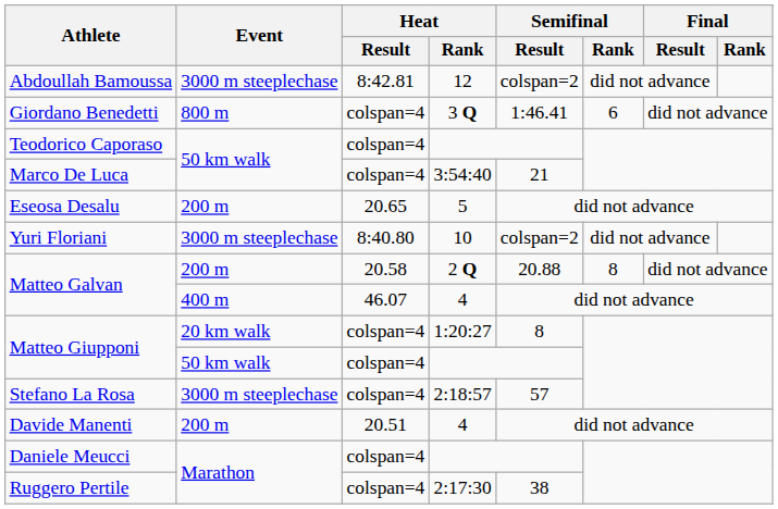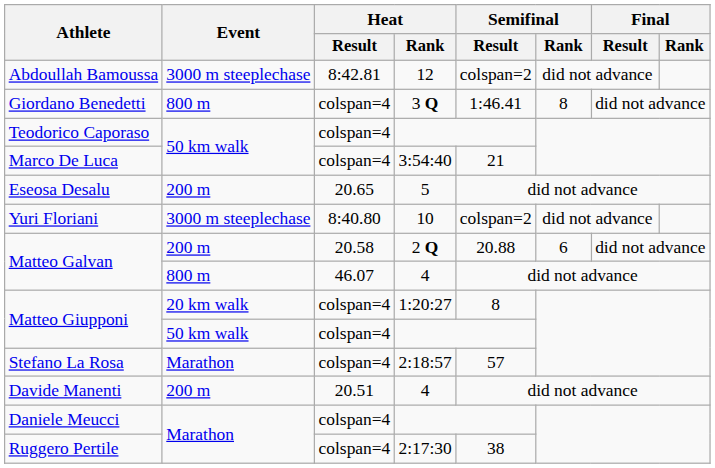 <table class="wikitable" style="font-size:90%">
 <tr>
 <th rowspan="2">Athlete</th>
 <th rowspan="2">Event</th>
 <th colspan="2">Heat</th>
 <th colspan="2">Semifinal</th>
 <th colspan="2">Final</th>
 </tr>
 <tr style="font-size:95%">
 <th>Result</th>
 <th>Rank</th>
 <th>Result</th>
 <th>Rank</th>
 <th>Result</th>
 <th>Rank</th>
 </tr>
 <tr align=center>
 <td align=left><a href='#'>Abdoullah Bamoussa</a></td>
 <td align=left><a href='#'>3000 m steeplechase</a></td>
 <td>8:42.81</td>
 <td>12</td>
 <td>colspan=2 </td>
 <td colspan=2>did not advance</td>
 </tr>
 <tr align=center>
 <td align=left><a href='#'>Giordano Benedetti</a></td>
 <td align=left><a href='#'>800 m</a></td>
 <td>colspan=4 </td>
 <td>3 <strong>Q</strong></td>
 <td>1:46.41</td>
-<td>6</td>
+<td>8</td>
 <td colspan=2>did not advance</td>
 </tr>
 <tr align=center>
 <td align=left><a href='#'>Teodorico Caporaso</a></td>
 <td align=left rowspan=2><a href='#'>50 km walk</a></td>
 <td>colspan=4 </td>
 <td colspan=2></td>
 </tr>
 <tr align=center>
 <td align=left><a href='#'>Marco De Luca</a></td>
 <td>colspan=4 </td>
 <td>3:54:40</td>
 <td>21</td>
 </tr>
 <tr align=center>
 <td align=left><a href='#'>Eseosa Desalu</a></td>
 <td align=left><a href='#'>200 m</a></td>
 <td>20.65</td>
 <td>5</td>
 <td colspan=4>did not advance</td>
 </tr>
 <tr align=center>
 <td align=left><a href='#'>Yuri Floriani</a></td>
 <td align=left><a href='#'>3000 m steeplechase</a></td>
 <td>8:40.80</td>
 <td>10</td>
 <td>colspan=2 </td>
 <td colspan=2>did not advance</td>
 </tr>
 <tr align=center>
 <td align=left rowspan=2><a href='#'>Matteo Galvan</a></td>
 <td align=left><a href='#'>200 m</a></td>
 <td>20.58</td>
 <td>2 <strong>Q</strong></td>
 <td>20.88</td>
-<td>8</td>
+<td>6</td>
 <td colspan=2>did not advance</td>
 </tr>
 <tr align=center>
-<td align=left><a href='#'>400 m</a></td>
+<td align=left><a href='#'>800 m</a></td>
 <td>46.07</td>
 <td>4</td>
 <td colspan=4>did not advance</td>
 </tr>
 <tr align=center>
 <td align=left rowspan=2><a href='#'>Matteo Giupponi</a></td>
 <td align=left><a href='#'>20 km walk</a></td>
 <td>colspan=4 </td>
 <td>1:20:27</td>
 <td>8</td>
 </tr>
 <tr align=center>
 <td align=left><a href='#'>50 km walk</a></td>
 <td>colspan=4 </td>
 <td colspan=2></td>
 </tr>
 <tr align=center>
 <td align=left><a href='#'>Stefano La Rosa</a></td>
-<td align=left><a href='#'>3000 m steeplechase</a></td>
+<td align=left><a href='#'>Marathon</a></td>
 <td>colspan=4 </td>
 <td>2:18:57</td>
 <td>57</td>
 </tr>
 <tr align=center>
 <td align=left><a href='#'>Davide Manenti</a></td>
 <td align=left><a href='#'>200 m</a></td>
 <td>20.51</td>
 <td>4</td>
 <td colspan=4>did not advance</td>
 </tr>
 <tr align=center>
 <td align=left><a href='#'>Daniele Meucci</a></td>
 <td align=left rowspan=2><a href='#'>Marathon</a></td>
 <td>colspan=4 </td>
 <td colspan=2></td>
 </tr>
 <tr align=center>
 <td align=left><a href='#'>Ruggero Pertile</a></td>
 <td>colspan=4 </td>
 <td>2:17:30</td>
 <td>38</td>
 </tr>
 </table>
